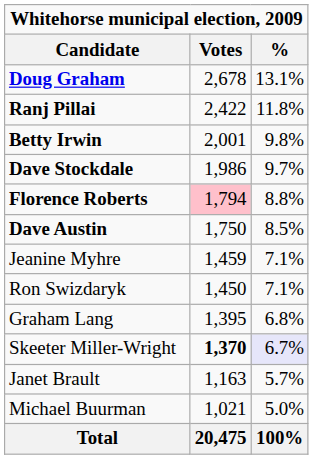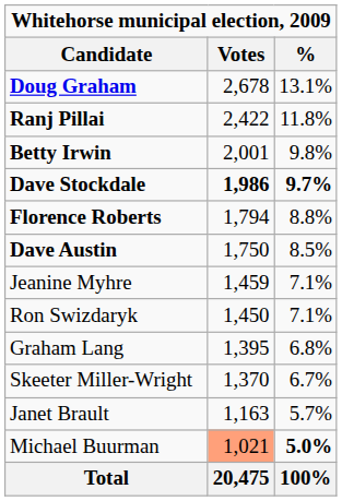 <table class="wikitable">
 <tr>
 <td Colspan="3" align="center"><strong>Whitehorse municipal election, 2009</strong></td>
 </tr>
 <tr>
 <th bgcolor="#DDDDFF" width="150px">Candidate</th>
 <th bgcolor="#DDDDFF">Votes</th>
 <th bgcolor="#DDDDFF">%</th>
 </tr>
 <tr>
 <td><strong><a href='#'>Doug Graham</a></strong></td>
 <td align=right>2,678</td>
 <td align=right>13.1%</td>
 </tr>
 <tr>
 <td><strong>Ranj Pillai</strong></td>
 <td align=right>2,422</td>
 <td align=right>11.8%</td>
 </tr>
 <tr>
 <td><strong>Betty Irwin</strong></td>
 <td align=right>2,001</td>
 <td align=right>9.8%</td>
 </tr>
 <tr>
 <td><strong>Dave Stockdale</strong></td>
-<td align=right>1,986</td>
-<td align=right>9.7%</td>
+<td align=right><strong>1,986</strong></td>
+<td align=right><strong>9.7%</strong></td>
 </tr>
 <tr>
 <td><strong>Florence Roberts</strong></td>
-<td align=right style="background: pink;">1,794</td>
+<td align=right>1,794</td>
 <td align=right>8.8%</td>
 </tr>
 <tr>
 <td><strong>Dave Austin</strong></td>
 <td align=right>1,750</td>
 <td align=right>8.5%</td>
 </tr>
 <tr>
 <td>Jeanine Myhre</td>
 <td align=right>1,459</td>
 <td align=right>7.1%</td>
 </tr>
 <tr>
 <td>Ron Swizdaryk</td>
 <td align=right>1,450</td>
 <td align=right>7.1%</td>
 </tr>
 <tr>
 <td>Graham Lang</td>
 <td align=right>1,395</td>
 <td align=right>6.8%</td>
 </tr>
 <tr>
 <td>Skeeter Miller-Wright</td>
-<td align=right><strong>1,370</strong></td>
-<td align=right style="background: lavender;">6.7%</td>
+<td align=right>1,370</td>
+<td align=right>6.7%</td>
 </tr>
 <tr>
 <td>Janet Brault</td>
 <td align=right>1,163</td>
 <td align=right>5.7%</td>
 </tr>
 <tr>
 <td>Michael Buurman</td>
-<td align=right>1,021</td>
-<td align=right>5.0%</td>
+<td align=right style="background: lightsalmon;">1,021</td>
+<td align=right><strong>5.0%</strong></td>
 </tr>
 <tr>
 <th>Total</th>
 <th align=right>20,475</th>
 <th align=right>100%</th>
 </tr>
 </table>
